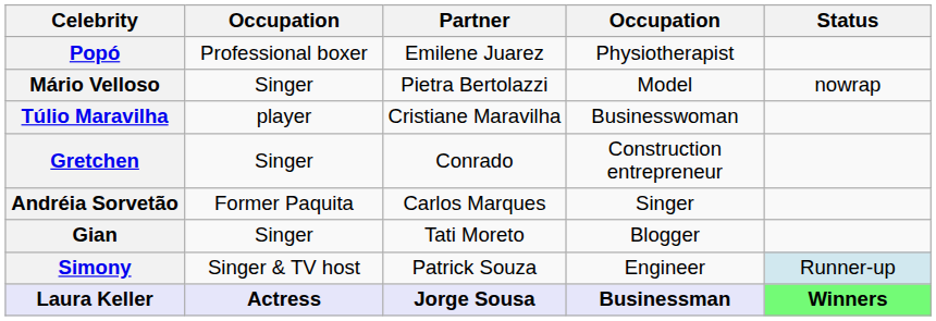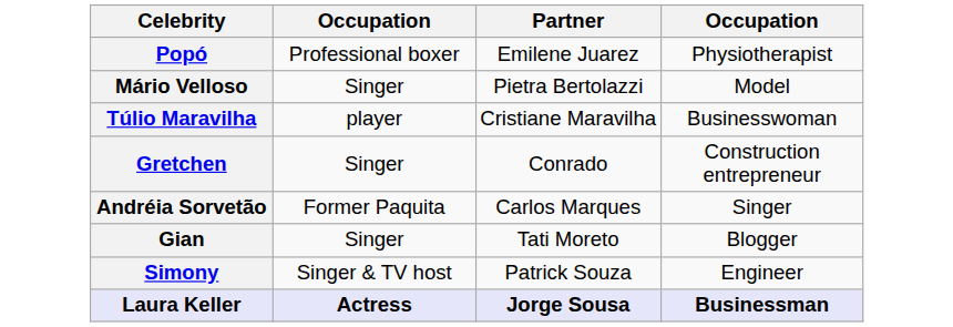 <table class= "wikitable sortable" style="text-align: center; margin:1em auto; align: center">
 <tr>
 <th width=135>Celebrity</th>
 <th width=150>Occupation</th>
 <th width=135>Partner</th>
 <th width=150>Occupation</th>
-<th width=125>Status</th>
 </tr>
 <tr>
 <th><a href='#'>Popó</a></th>
 <td>Professional boxer</td>
 <td>Emilene Juarez</td>
 <td>Physiotherapist</td>
-<td></td>
 </tr>
 <tr>
 <th>Mário Velloso</th>
 <td>Singer</td>
 <td>Pietra Bertolazzi</td>
 <td>Model</td>
-<td>nowrap </td>
 </tr>
 <tr>
 <th><a href='#'>Túlio Maravilha</a></th>
 <td> player</td>
 <td nowrap>Cristiane Maravilha</td>
 <td>Businesswoman</td>
-<td></td>
 </tr>
 <tr>
 <th><a href='#'>Gretchen</a></th>
 <td>Singer</td>
 <td>Conrado</td>
 <td>Construction entrepreneur</td>
-<td></td>
 </tr>
 <tr>
 <th nowrap>Andréia Sorvetão</th>
 <td>Former Paquita</td>
 <td>Carlos Marques</td>
 <td>Singer</td>
-<td></td>
 </tr>
 <tr>
 <th>Gian</th>
 <td>Singer</td>
 <td>Tati Moreto</td>
 <td>Blogger</td>
-<td></td>
 </tr>
 <tr>
 <th><a href='#'>Simony</a></th>
 <td>Singer & TV host</td>
 <td>Patrick Souza</td>
 <td>Engineer</td>
-<td bgcolor=D1E8EF>Runner-up<br></td>
 </tr>
 <tr>
 <td bgcolor="E6E6FA"><strong>Laura Keller</strong></td>
 <td bgcolor="E6E6FA"><strong>Actress</strong></td>
 <td bgcolor="E6E6FA"><strong>Jorge Sousa</strong></td>
 <td bgcolor="E6E6FA"><strong>Businessman</strong></td>
-<td bgcolor=73FB76><strong>Winners</strong><br></td>
 </tr>
 </table>
